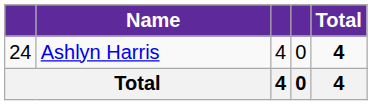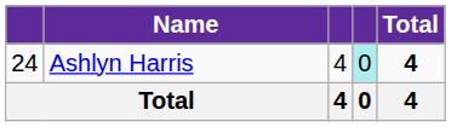 <table class="wikitable" style="text-align:center;">
 <tr>
 <th style="background:#5E299A; color:white; width=10;"></th>
 <th scope="col" style="background:#5E299A; color:white; width:180px;"><strong>Name</strong></th>
 <th style="background:#5E299A; color:white; width=80;"></th>
 <th style="background:#5E299A; color:white; width=80;"></th>
 <th style="background:#5E299A; color:white; width=80;"><strong>Total</strong></th>
 </tr>
 <tr>
 <td>24</td>
 <td align=left> <a href='#'>Ashlyn Harris</a></td>
 <td>4</td>
-<td>0</td>
+<td style="background: paleturquoise;">0</td>
 <td><strong>4</strong></td>
 </tr>
 <tr>
 <th colspan=2>Total</th>
 <th><strong>4</strong></th>
 <th><strong>0</strong></th>
 <th><strong>4</strong></th>
 </tr>
 </table>
